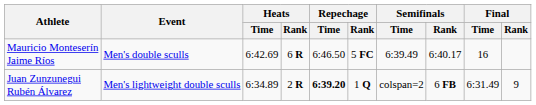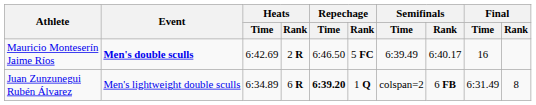 <table class="wikitable" style="font-size:90%">
 <tr>
 <th rowspan="2">Athlete</th>
 <th rowspan="2">Event</th>
 <th colspan="2">Heats</th>
 <th colspan="2">Repechage</th>
 <th colspan="2">Semifinals</th>
 <th colspan="2">Final</th>
 </tr>
 <tr style="font-size:95%">
 <th>Time</th>
 <th>Rank</th>
 <th>Time</th>
 <th>Rank</th>
 <th>Time</th>
 <th>Rank</th>
 <th>Time</th>
 <th>Rank</th>
 </tr>
 <tr align=center>
 <td align=left><a href='#'>Mauricio Monteserín</a><br><a href='#'>Jaime Ríos</a></td>
-<td align=left><a href='#'>Men's double sculls</a></td>
+<td align=left><strong><a href='#'>Men's double sculls</a></strong></td>
 <td>6:42.69</td>
-<td>6 <strong>R</strong></td>
+<td>2 <strong>R</strong></td>
 <td>6:46.50</td>
 <td>5 <strong>FC</strong></td>
 <td>6:39.49</td>
 <td>6:40.17</td>
 <td>16</td>
 </tr>
 <tr align=center>
 <td align=left><a href='#'>Juan Zunzunegui</a><br><a href='#'>Rubén Álvarez</a></td>
 <td align=left><a href='#'>Men's lightweight double sculls</a></td>
 <td>6:34.89</td>
-<td>2 <strong>R</strong></td>
+<td>6 <strong>R</strong></td>
 <td><strong>6:39.20</strong></td>
 <td>1 <strong>Q</strong></td>
 <td>colspan=2 </td>
 <td>6 <strong>FB</strong></td>
 <td>6:31.49</td>
-<td>9</td>
+<td>8</td>
 </tr>
 </table>
